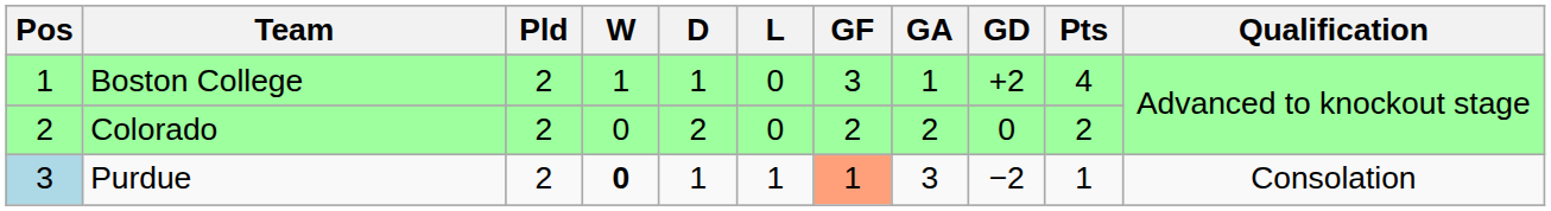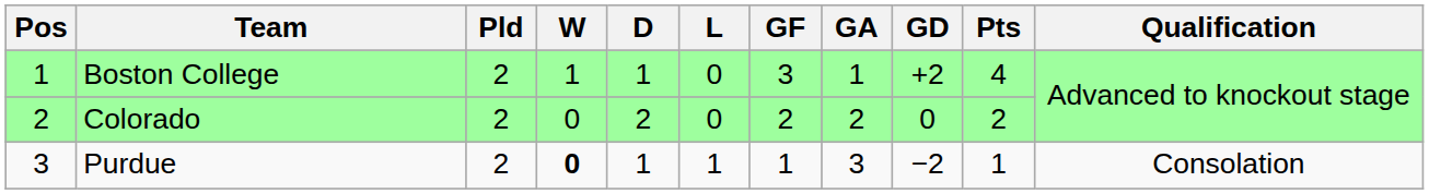 <table class="wikitable" style="text-align:center; margin: 1em auto">
 <tr>
 <th style="width:2em">Pos</th>
 <th style="width:13em">Team</th>
 <th style="width:2em">Pld</th>
 <th style="width:2em">W</th>
 <th style="width:2em">D</th>
 <th style="width:2em">L</th>
 <th style="width:2em">GF</th>
 <th style="width:2em">GA</th>
 <th style="width:2em">GD</th>
 <th style="width:2em">Pts</th>
 <th style="width:13em">Qualification</th>
 </tr>
 <tr bgcolor="#9eff9e">
 <td>1</td>
 <td style="text-align:left">Boston College</td>
 <td>2</td>
 <td>1</td>
 <td>1</td>
 <td>0</td>
 <td>3</td>
 <td>1</td>
 <td>+2</td>
 <td>4</td>
 <td rowspan="2">Advanced to knockout stage</td>
 </tr>
 <tr bgcolor="#9eff9e">
 <td>2</td>
 <td style="text-align:left">Colorado</td>
 <td>2</td>
 <td>0</td>
 <td>2</td>
 <td>0</td>
 <td>2</td>
 <td>2</td>
 <td>0</td>
 <td>2</td>
 </tr>
 <tr>
-<td style="background: lightblue;">3</td>
+<td>3</td>
 <td style="text-align:left">Purdue</td>
 <td>2</td>
 <td><strong>0</strong></td>
 <td>1</td>
 <td>1</td>
-<td style="background: lightsalmon;">1</td>
+<td>1</td>
 <td>3</td>
 <td>−2</td>
 <td>1</td>
 <td>Consolation</td>
 </tr>
 </table>
